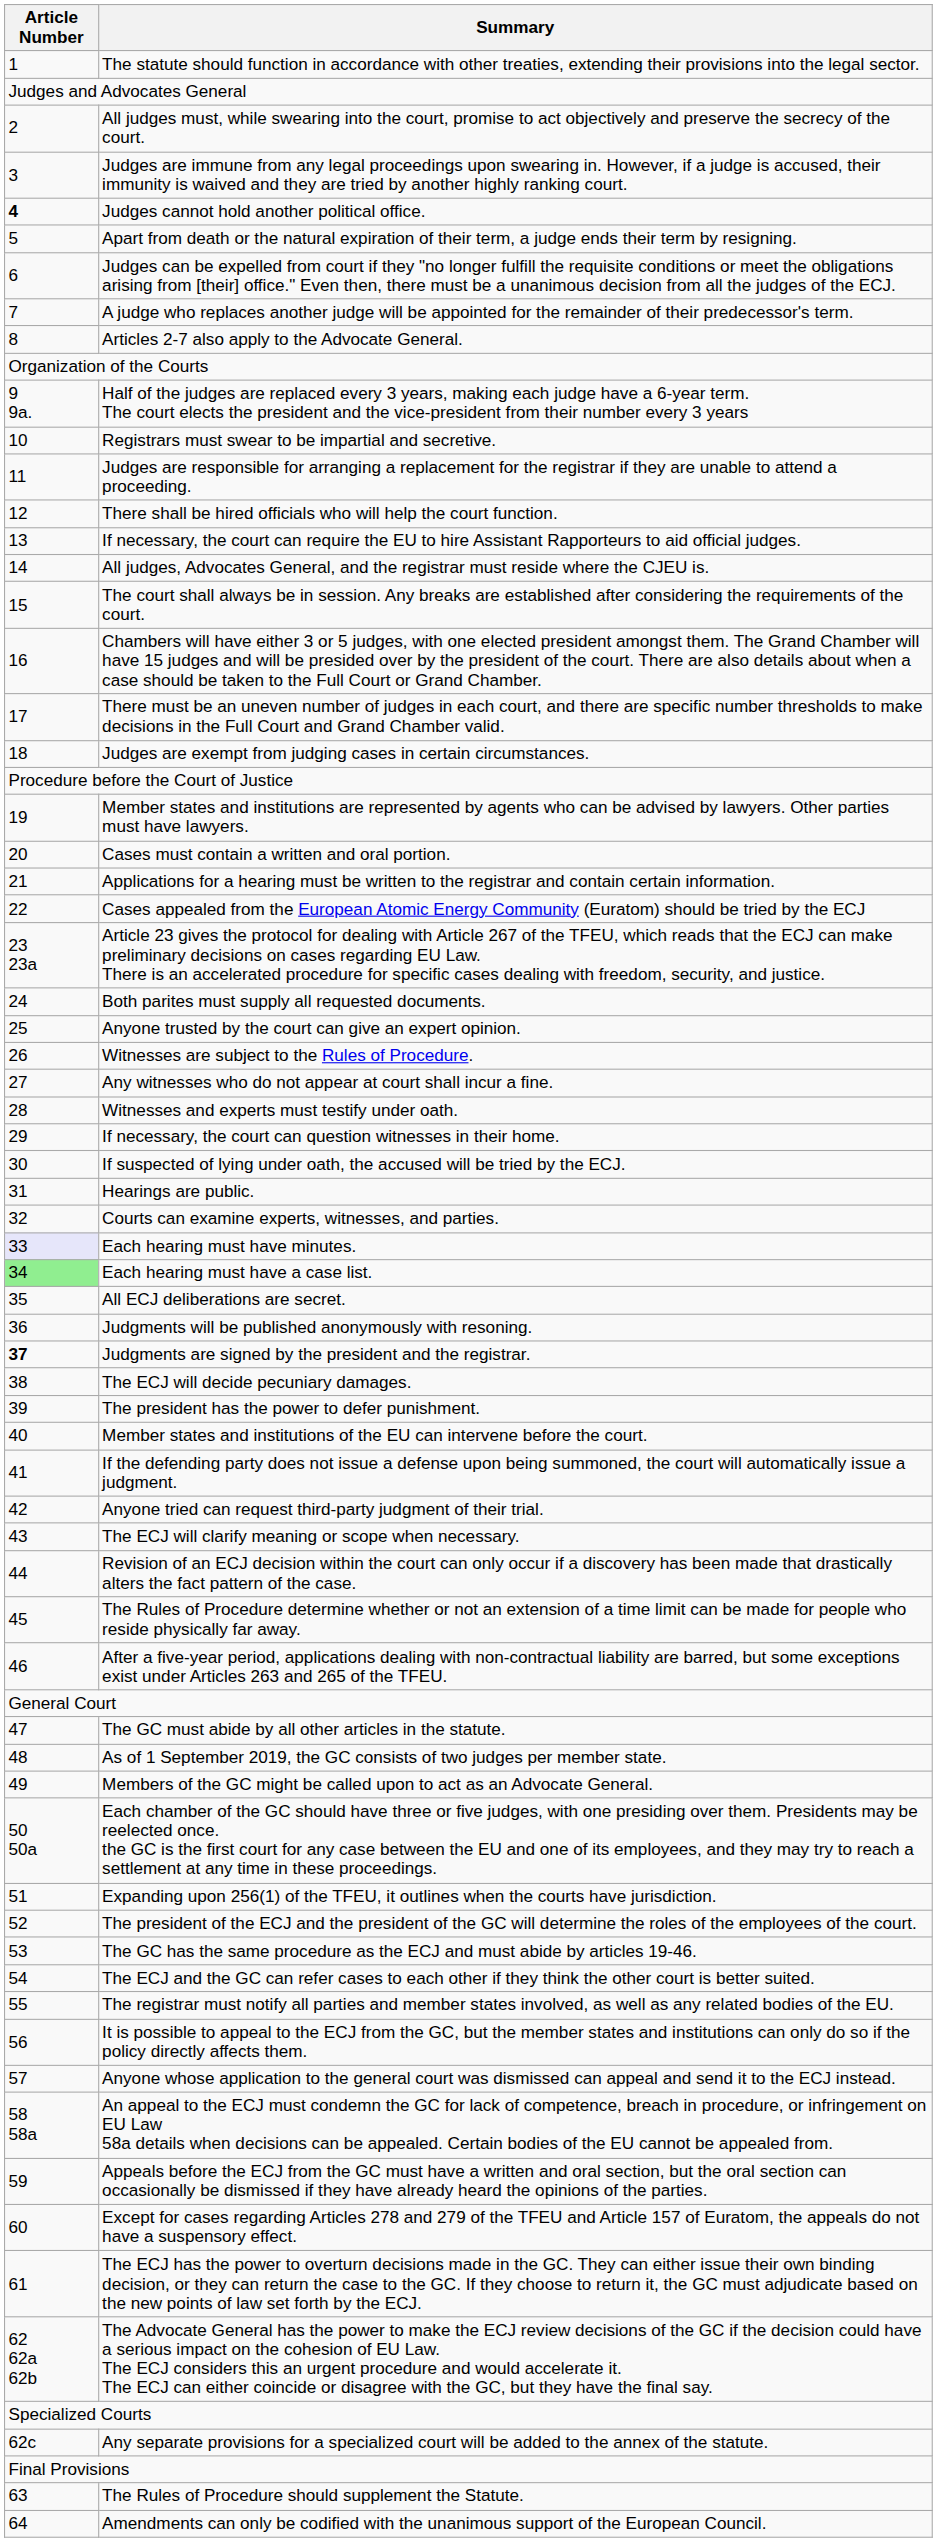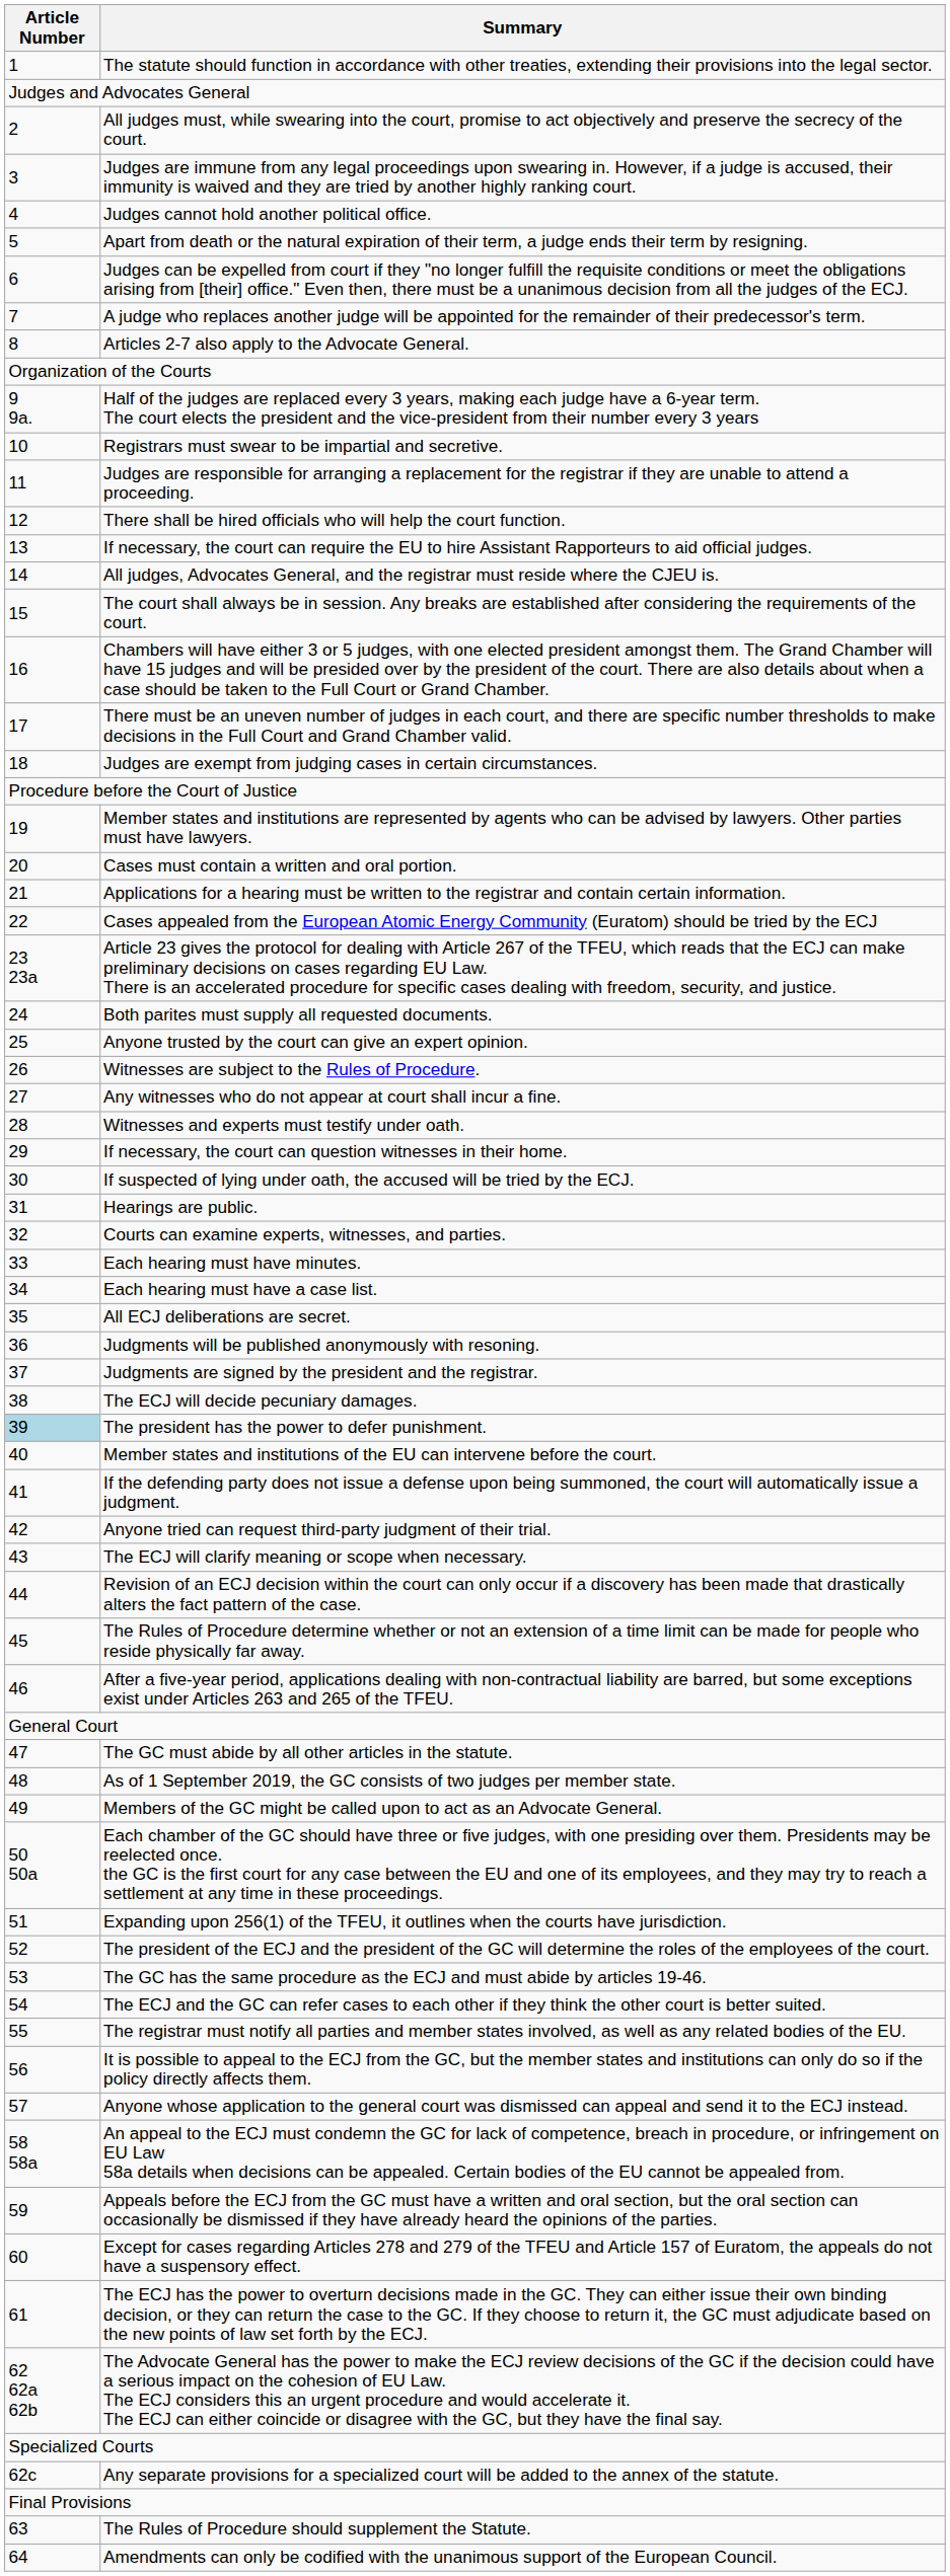 <table class="wikitable">
 <tr>
 <th>Article Number</th>
 <th>Summary</th>
 </tr>
 <tr>
 <td>1</td>
 <td>The statute should function in accordance with other treaties, extending their provisions into the legal sector.</td>
 </tr>
 <tr>
 <td colspan="2">Judges and Advocates General</td>
 </tr>
 <tr>
 <td>2</td>
 <td>All judges must, while swearing into the court, promise to act objectively and preserve the secrecy of the court.</td>
 </tr>
 <tr>
 <td>3</td>
 <td>Judges are immune from any legal proceedings upon swearing in. However, if a judge is accused, their immunity is waived and they are tried by another highly ranking court.</td>
 </tr>
 <tr>
-<td><strong>4</strong></td>
+<td>4</td>
 <td>Judges cannot hold another political office.</td>
 </tr>
 <tr>
 <td>5</td>
 <td>Apart from death or the natural expiration of their term, a judge ends their term by resigning.</td>
 </tr>
 <tr>
 <td>6</td>
 <td>Judges can be expelled from court if they "no longer fulfill the requisite conditions or meet the obligations arising from [their] office." Even then, there must be a unanimous decision from all the judges of the ECJ.</td>
 </tr>
 <tr>
 <td>7</td>
 <td>A judge who replaces another judge will be appointed for the remainder of their predecessor's term.</td>
 </tr>
 <tr>
 <td>8</td>
 <td>Articles 2-7 also apply to the Advocate General.</td>
 </tr>
 <tr>
 <td colspan="2">Organization of the Courts</td>
 </tr>
 <tr>
 <td>9<br>9a.</td>
 <td>Half of the judges are replaced every 3 years, making each judge have a 6-year term.<br>The court elects the president and the vice-president from their number every 3 years</td>
 </tr>
 <tr>
 <td>10</td>
 <td>Registrars must swear to be impartial and secretive.</td>
 </tr>
 <tr>
 <td>11</td>
 <td>Judges are responsible for arranging a replacement for the registrar if they are unable to attend a proceeding.</td>
 </tr>
 <tr>
 <td>12</td>
 <td>There shall be hired officials who will help the court function.</td>
 </tr>
 <tr>
 <td>13</td>
 <td>If necessary, the court can require the EU to hire Assistant Rapporteurs to aid official judges.</td>
 </tr>
 <tr>
 <td>14</td>
 <td>All judges, Advocates General, and the registrar must reside where the CJEU is.</td>
 </tr>
 <tr>
 <td>15</td>
 <td>The court shall always be in session. Any breaks are established after considering the requirements of the court.</td>
 </tr>
 <tr>
 <td>16</td>
 <td>Chambers will have either 3 or 5 judges, with one elected president amongst them. The Grand Chamber will have 15 judges and will be presided over by the president of the court. There are also details about when a case should be taken to the Full Court or Grand Chamber.</td>
 </tr>
 <tr>
 <td>17</td>
 <td>There must be an uneven number of judges in each court, and there are specific number thresholds to make decisions in the Full Court and Grand Chamber valid.</td>
 </tr>
 <tr>
 <td>18</td>
 <td>Judges are exempt from judging cases in certain circumstances.</td>
 </tr>
 <tr>
 <td colspan="2">Procedure before the Court of Justice</td>
 </tr>
 <tr>
 <td>19</td>
 <td>Member states and institutions are represented by agents who can be advised by lawyers. Other parties must have lawyers.</td>
 </tr>
 <tr>
 <td>20</td>
 <td>Cases must contain a written and oral portion.</td>
 </tr>
 <tr>
 <td>21</td>
 <td>Applications for a hearing must be written to the registrar and contain certain information.</td>
 </tr>
 <tr>
 <td>22</td>
 <td>Cases appealed from the <a href='#'>European Atomic Energy Community</a> (Euratom) should be tried by the ECJ</td>
 </tr>
 <tr>
 <td>23<br>23a</td>
 <td>Article 23 gives the protocol for dealing with Article 267 of the TFEU, which reads that the ECJ can make preliminary decisions on cases regarding EU Law.<br>There is an accelerated procedure for specific cases dealing with freedom, security, and justice.</td>
 </tr>
 <tr>
 <td>24</td>
 <td>Both parites must supply all requested documents.</td>
 </tr>
 <tr>
 <td>25</td>
 <td>Anyone trusted by the court can give an expert opinion.</td>
 </tr>
 <tr>
 <td>26</td>
 <td>Witnesses are subject to the <a href='#'>Rules of Procedure</a>.</td>
 </tr>
 <tr>
 <td>27</td>
 <td>Any witnesses who do not appear at court shall incur a fine.</td>
 </tr>
 <tr>
 <td>28</td>
 <td>Witnesses and experts must testify under oath.</td>
 </tr>
 <tr>
 <td>29</td>
 <td>If necessary, the court can question witnesses in their home.</td>
 </tr>
 <tr>
 <td>30</td>
 <td>If suspected of lying under oath, the accused will be tried by the ECJ.</td>
 </tr>
 <tr>
 <td>31</td>
 <td>Hearings are public.</td>
 </tr>
 <tr>
 <td>32</td>
 <td>Courts can examine experts, witnesses, and parties.</td>
 </tr>
 <tr>
-<td style="background: lavender;">33</td>
+<td>33</td>
 <td>Each hearing must have minutes.</td>
 </tr>
 <tr>
-<td style="background: lightgreen;">34</td>
+<td>34</td>
 <td>Each hearing must have a case list.</td>
 </tr>
 <tr>
 <td>35</td>
 <td>All ECJ deliberations are secret.</td>
 </tr>
 <tr>
 <td>36</td>
 <td>Judgments will be published anonymously with resoning.</td>
 </tr>
 <tr>
-<td><strong>37</strong></td>
+<td>37</td>
 <td>Judgments are signed by the president and the registrar.</td>
 </tr>
 <tr>
 <td>38</td>
 <td>The ECJ will decide pecuniary damages.</td>
 </tr>
 <tr>
-<td>39</td>
+<td style="background: lightblue;">39</td>
 <td>The president has the power to defer punishment.</td>
 </tr>
 <tr>
 <td>40</td>
 <td>Member states and institutions of the EU can intervene before the court.</td>
 </tr>
 <tr>
 <td>41</td>
 <td>If the defending party does not issue a defense upon being summoned, the court will automatically issue a judgment.</td>
 </tr>
 <tr>
 <td>42</td>
 <td>Anyone tried can request third-party judgment of their trial.</td>
 </tr>
 <tr>
 <td>43</td>
 <td>The ECJ will clarify meaning or scope when necessary.</td>
 </tr>
 <tr>
 <td>44</td>
 <td>Revision of an ECJ decision within the court can only occur if a discovery has been made that drastically alters the fact pattern of the case.</td>
 </tr>
 <tr>
 <td>45</td>
 <td>The Rules of Procedure determine whether or not an extension of a time limit can be made for people who reside physically far away.</td>
 </tr>
 <tr>
 <td>46</td>
 <td>After a five-year period, applications dealing with non-contractual liability are barred, but some exceptions exist under Articles 263 and 265 of the TFEU.</td>
 </tr>
 <tr>
 <td colspan="2">General Court</td>
 </tr>
 <tr>
 <td>47</td>
 <td>The GC must abide by all other articles in the statute.</td>
 </tr>
 <tr>
 <td>48</td>
 <td>As of 1 September 2019, the GC consists of two judges per member state.</td>
 </tr>
 <tr>
 <td>49</td>
 <td>Members of the GC might be called upon to act as an Advocate General.</td>
 </tr>
 <tr>
 <td>50<br>50a</td>
 <td>Each chamber of the GC should have three or five judges, with one presiding over them. Presidents may be reelected once.<br>the GC is the first court for any case between the EU and one of its employees, and they may try to reach a settlement at any time in these proceedings.</td>
 </tr>
 <tr>
 <td>51</td>
 <td>Expanding upon 256(1) of the TFEU, it outlines when the courts have jurisdiction.</td>
 </tr>
 <tr>
 <td>52</td>
 <td>The president of the ECJ and the president of the GC will determine the roles of the employees of the court.</td>
 </tr>
 <tr>
 <td>53</td>
 <td>The GC has the same procedure as the ECJ and must abide by articles 19-46.</td>
 </tr>
 <tr>
 <td>54</td>
 <td>The ECJ and the GC can refer cases to each other if they think the other court is better suited.</td>
 </tr>
 <tr>
 <td>55</td>
 <td>The registrar must notify all parties and member states involved, as well as any related bodies of the EU.</td>
 </tr>
 <tr>
 <td>56</td>
 <td>It is possible to appeal to the ECJ from the GC, but the member states and institutions can only do so if the policy directly affects them.</td>
 </tr>
 <tr>
 <td>57</td>
 <td>Anyone whose application to the general court was dismissed can appeal and send it to the ECJ instead.</td>
 </tr>
 <tr>
 <td>58<br>58a</td>
 <td>An appeal to the ECJ must condemn the GC for lack of competence, breach in procedure, or infringement on EU Law<br>58a details when decisions can be appealed. Certain bodies of the EU cannot be appealed from.</td>
 </tr>
 <tr>
 <td>59</td>
 <td>Appeals before the ECJ from the GC must have a written and oral section, but the oral section can occasionally be dismissed if they have already heard the opinions of the parties.</td>
 </tr>
 <tr>
 <td>60</td>
 <td>Except for cases regarding Articles 278 and 279 of the TFEU and Article 157 of Euratom, the appeals do not have a suspensory effect.</td>
 </tr>
 <tr>
 <td>61</td>
 <td>The ECJ has the power to overturn decisions made in the GC. They can either issue their own binding decision, or they can return the case to the GC. If they choose to return it, the GC must adjudicate based on the new points of law set forth by the ECJ.</td>
 </tr>
 <tr>
 <td>62<br>62a<br>62b</td>
 <td>The Advocate General has the power to make the ECJ review decisions of the GC if the decision could have a serious impact on the cohesion of EU Law.<br>The ECJ considers this an urgent procedure and would accelerate it.<br>The ECJ can either coincide or disagree with the GC, but they have the final say.</td>
 </tr>
 <tr>
 <td colspan="2">Specialized Courts</td>
 </tr>
 <tr>
 <td>62c</td>
 <td>Any separate provisions for a specialized court will be added to the annex of the statute.</td>
 </tr>
 <tr>
 <td colspan="2">Final Provisions</td>
 </tr>
 <tr>
 <td>63</td>
 <td>The Rules of Procedure should supplement the Statute.</td>
 </tr>
 <tr>
 <td>64</td>
 <td>Amendments can only be codified with the unanimous support of the European Council.</td>
 </tr>
 </table>
